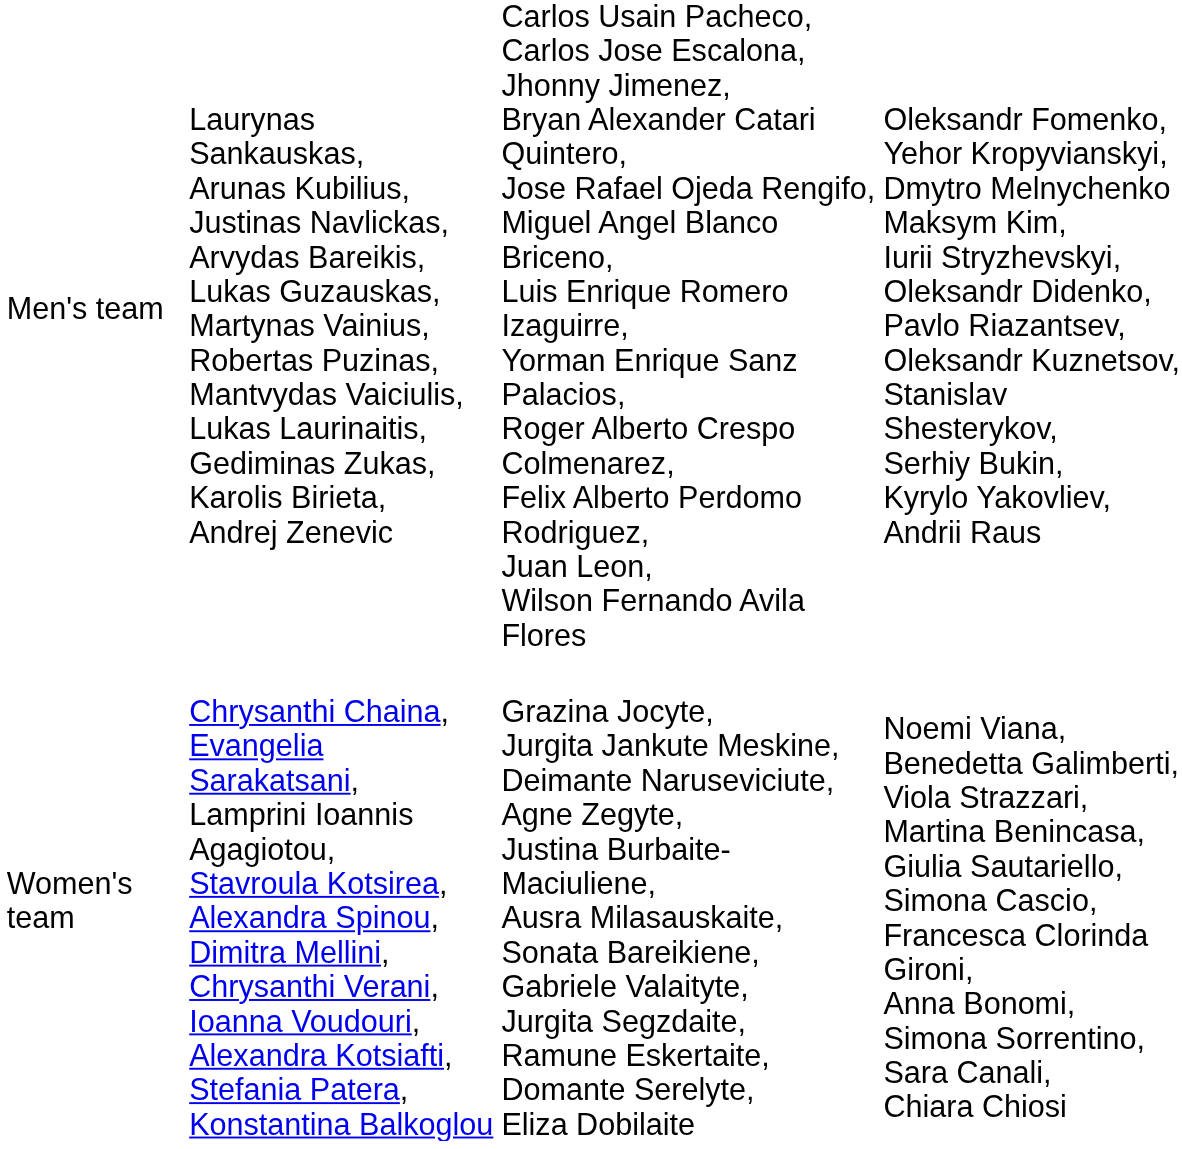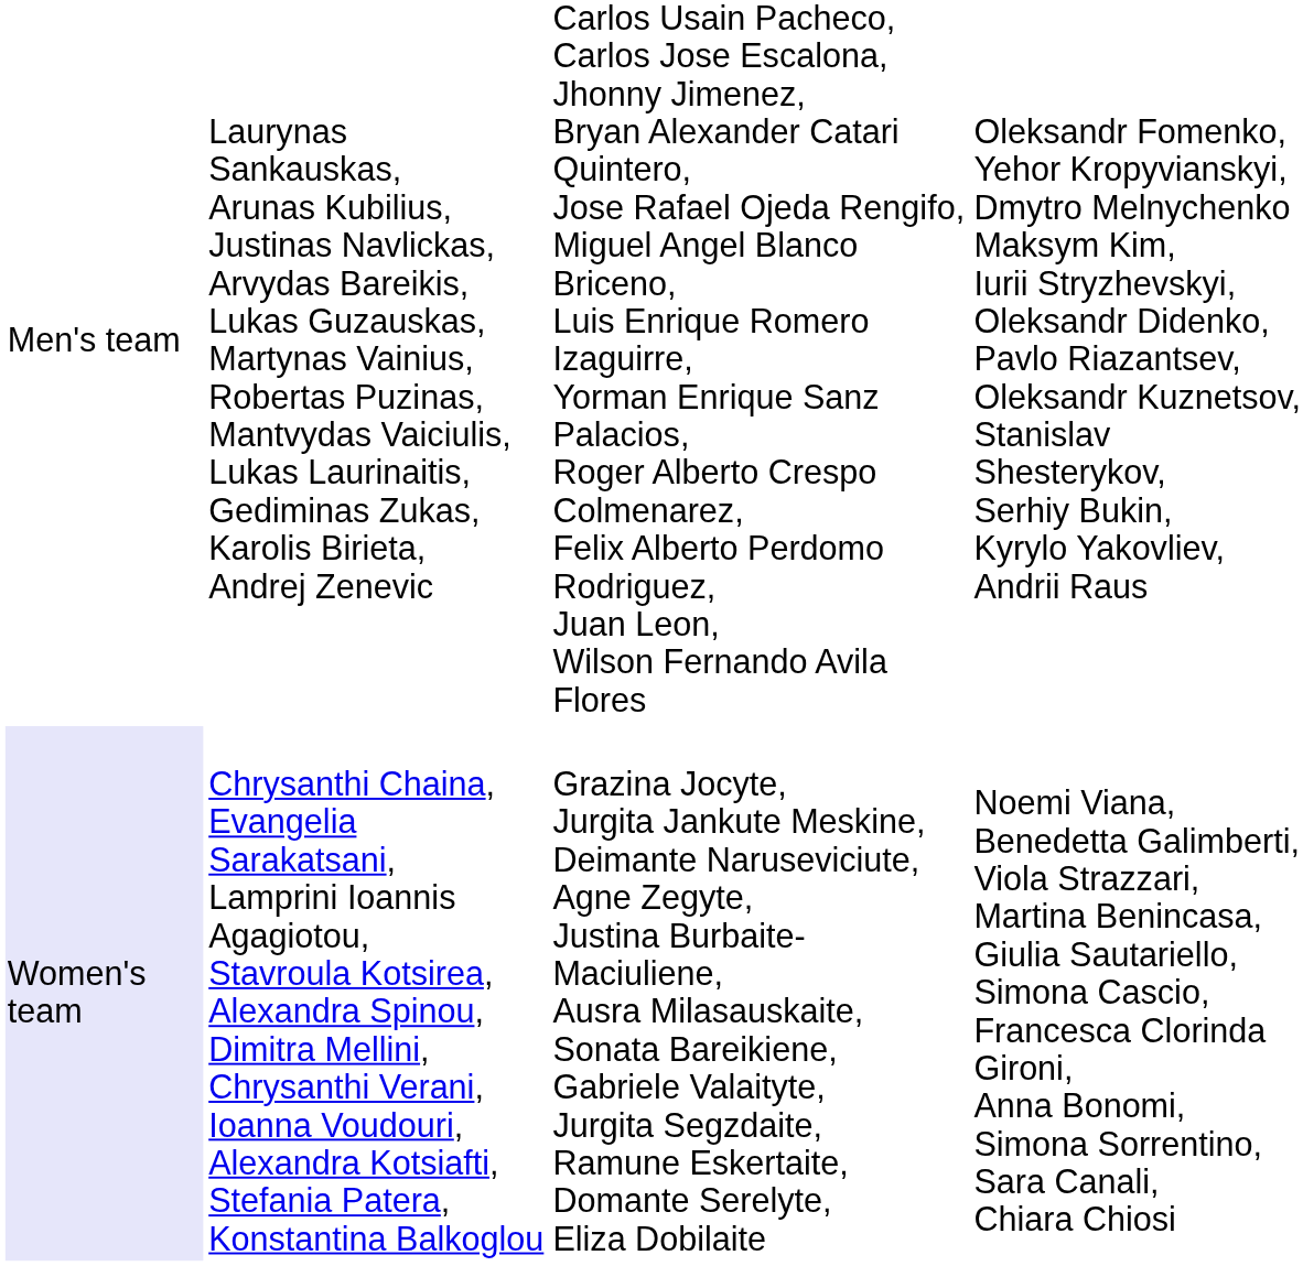 <table>
 <tr>
 <td>Men's team</td>
 <td><br>Laurynas Sankauskas,<br>Arunas Kubilius,<br>Justinas Navlickas,<br>Arvydas Bareikis,<br>Lukas Guzauskas,<br>Martynas Vainius,<br>Robertas Puzinas,<br>Mantvydas Vaiciulis,<br>Lukas Laurinaitis,<br>Gediminas Zukas,<br>Karolis Birieta,<br>Andrej Zenevic</td>
 <td><br>Carlos Usain Pacheco,<br>Carlos Jose Escalona,<br>Jhonny Jimenez,<br>Bryan Alexander Catari Quintero,<br>Jose Rafael Ojeda Rengifo,<br>Miguel Angel Blanco Briceno,<br>Luis Enrique Romero Izaguirre,<br>Yorman Enrique Sanz Palacios,<br>Roger Alberto Crespo Colmenarez,<br>Felix Alberto Perdomo Rodriguez,<br>Juan Leon,<br>Wilson Fernando Avila Flores</td>
 <td><br>Oleksandr Fomenko,<br>Yehor Kropyvianskyi,<br>Dmytro Melnychenko<br>Maksym Kim,<br>Iurii Stryzhevskyi,<br>Oleksandr Didenko,<br>Pavlo Riazantsev,<br>Oleksandr Kuznetsov,<br>Stanislav Shesterykov,<br>Serhiy Bukin,<br>Kyrylo Yakovliev,<br>Andrii Raus</td>
 </tr>
 <tr>
-<td>Women's team</td>
+<td style="background: lavender;">Women's team</td>
 <td><br><a href='#'>Chrysanthi Chaina</a>,<br><a href='#'>Evangelia Sarakatsani</a>,<br>Lamprini Ioannis Agagiotou,<br><a href='#'>Stavroula Kotsirea</a>,<br><a href='#'>Alexandra Spinou</a>,<br><a href='#'>Dimitra Mellini</a>,<br><a href='#'>Chrysanthi Verani</a>,<br><a href='#'>Ioanna Voudouri</a>,<br><a href='#'>Alexandra Kotsiafti</a>,<br><a href='#'>Stefania Patera</a>,<br><a href='#'>Konstantina Balkoglou</a></td>
 <td><br>Grazina Jocyte,<br>Jurgita Jankute Meskine,<br>Deimante Naruseviciute,<br>Agne Zegyte,<br>Justina Burbaite-Maciuliene,<br>Ausra Milasauskaite,<br>Sonata Bareikiene,<br>Gabriele Valaityte,<br>Jurgita Segzdaite,<br>Ramune Eskertaite,<br>Domante Serelyte,<br>Eliza Dobilaite</td>
 <td><br>Noemi Viana,<br>Benedetta Galimberti,<br>Viola Strazzari,<br>Martina Benincasa,<br>Giulia Sautariello,<br>Simona Cascio,<br>Francesca Clorinda Gironi,<br>Anna Bonomi,<br>Simona Sorrentino,<br>Sara Canali,<br>Chiara Chiosi</td>
 </tr>
 </table>
